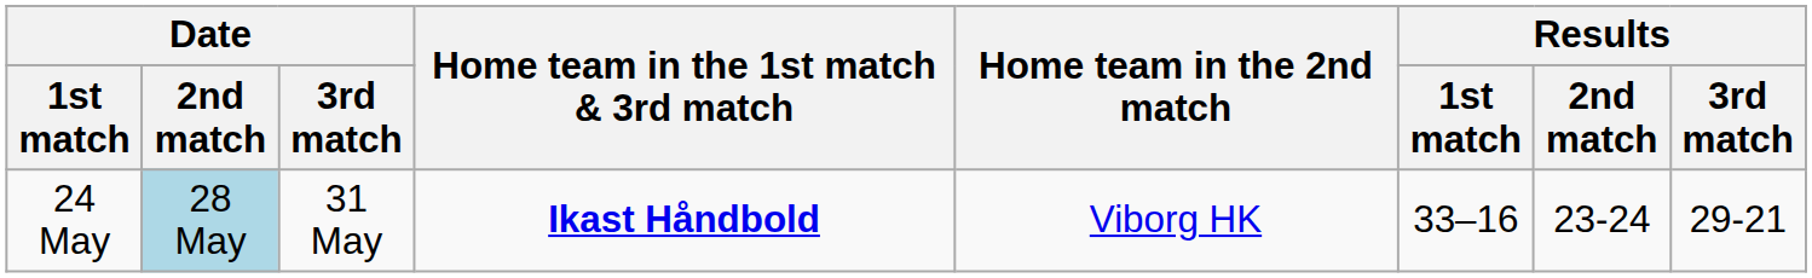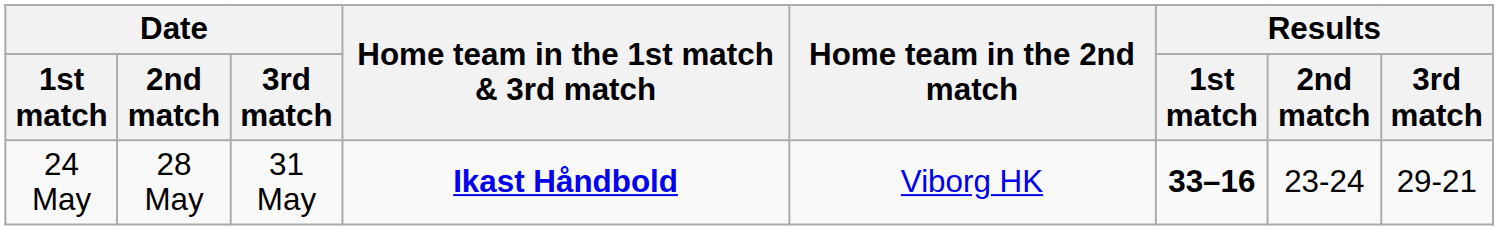 <table class="wikitable" style="text-align:center; margin-left:1em;">
 <tr>
 <th colspan="3">Date</th>
 <th rowspan="2" style="width:220px;">Home team in the 1st match & 3rd match</th>
 <th rowspan="2" style="width:180px;">Home team in the 2nd match</th>
 <th colspan="3">Results</th>
 </tr>
 <tr>
 <th style="width:50px;">1st match</th>
 <th style="width:50px;">2nd match</th>
 <th style="width:50px;">3rd match</th>
 <th style="width:50px;">1st match</th>
 <th style="width:50px;">2nd match</th>
 <th style="width:50px;">3rd match</th>
 </tr>
 <tr>
 <td>24 May</td>
-<td style="background: lightblue;">28 May</td>
+<td>28 May</td>
 <td>31 May</td>
 <td><strong><a href='#'>Ikast Håndbold</a></strong></td>
 <td><a href='#'>Viborg HK</a></td>
-<td>33–16</td>
+<td><strong>33–16</strong></td>
 <td>23-24</td>
 <td>29-21</td>
 </tr>
 </table>
